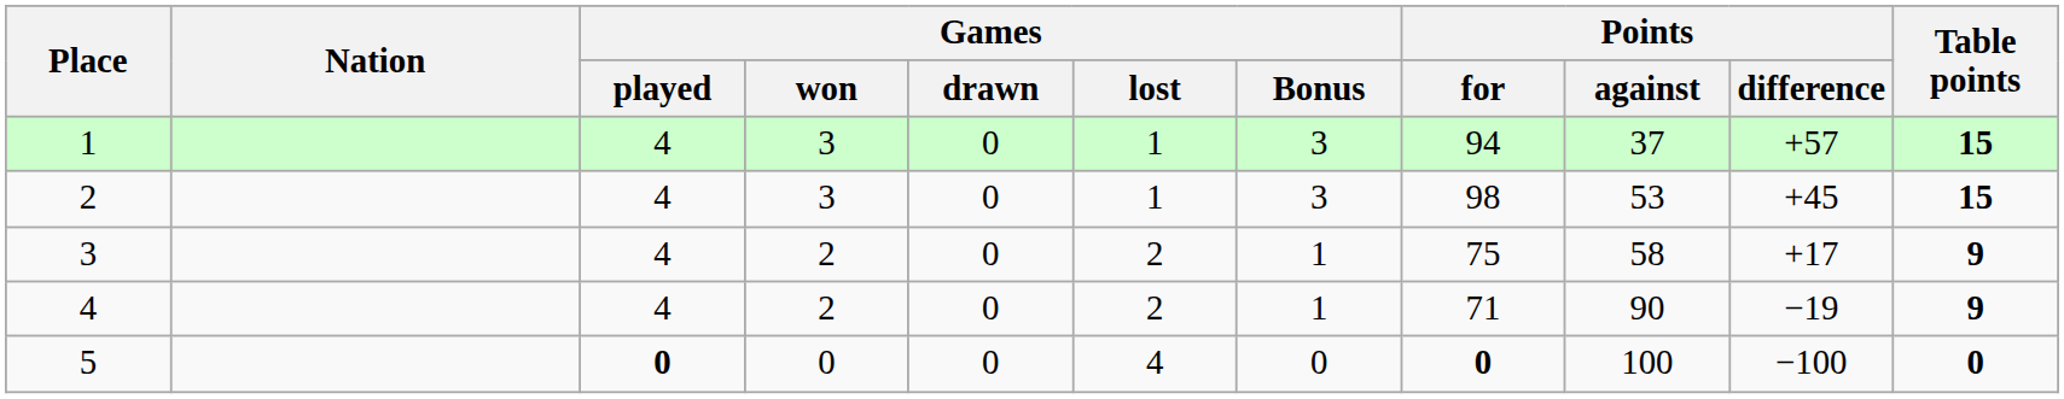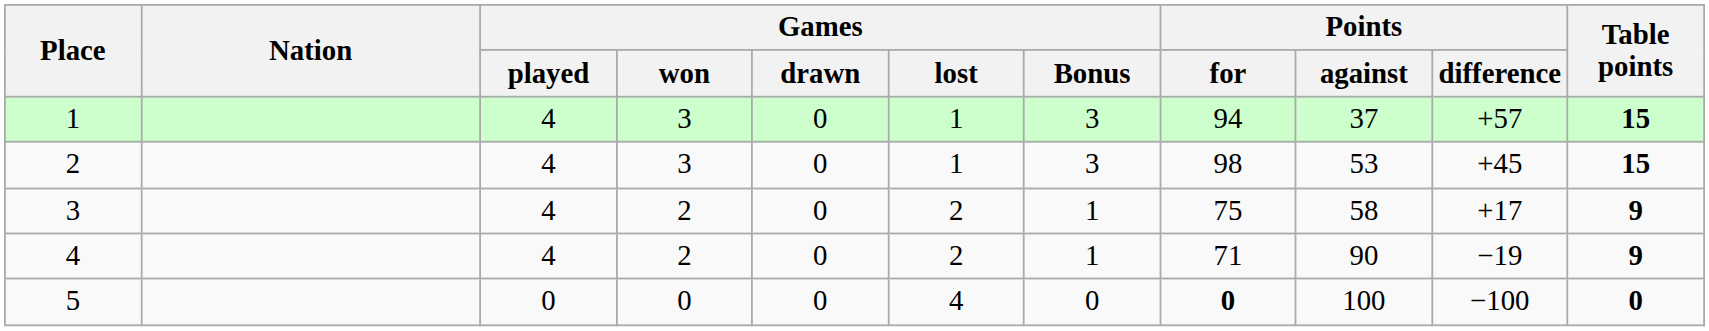 <table class="wikitable">
 <tr>
 <th rowspan=2 width="8%">Place</th>
 <th rowspan=2 width="20%">Nation</th>
 <th colspan=5 width="40%">Games</th>
 <th colspan=3 width="24%">Points</th>
 <th rowspan=2 width="10%">Table<br>points</th>
 </tr>
 <tr>
 <th width="8%">played</th>
 <th width="8%">won</th>
 <th width="8%">drawn</th>
 <th width="8%">lost</th>
 <th width="8%">Bonus</th>
 <th width="8%">for</th>
 <th width="8%">against</th>
 <th width="8%">difference</th>
 </tr>
 <tr align=center bgcolor="#ccffcc">
 <td>1</td>
 <td align=left></td>
 <td>4</td>
 <td>3</td>
 <td>0</td>
 <td>1</td>
 <td>3</td>
 <td>94</td>
 <td>37</td>
 <td>+57</td>
 <td><strong>15</strong></td>
 </tr>
 <tr align=center>
 <td>2</td>
 <td align=left></td>
 <td>4</td>
 <td>3</td>
 <td>0</td>
 <td>1</td>
 <td>3</td>
 <td>98</td>
 <td>53</td>
 <td>+45</td>
 <td><strong>15</strong></td>
 </tr>
 <tr align=center>
 <td>3</td>
 <td align=left></td>
 <td>4</td>
 <td>2</td>
 <td>0</td>
 <td>2</td>
 <td>1</td>
 <td>75</td>
 <td>58</td>
 <td>+17</td>
 <td><strong>9</strong></td>
 </tr>
 <tr align=center>
 <td>4</td>
 <td align=left></td>
 <td>4</td>
 <td>2</td>
 <td>0</td>
 <td>2</td>
 <td>1</td>
 <td>71</td>
 <td>90</td>
 <td>−19</td>
 <td><strong>9</strong></td>
 </tr>
 <tr align=center>
 <td>5</td>
 <td align=left></td>
-<td><strong>0</strong></td>
+<td>0</td>
 <td>0</td>
 <td>0</td>
 <td>4</td>
 <td>0</td>
 <td><strong>0</strong></td>
 <td>100</td>
 <td>−100</td>
 <td><strong>0</strong></td>
 </tr>
 </table>
